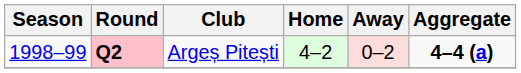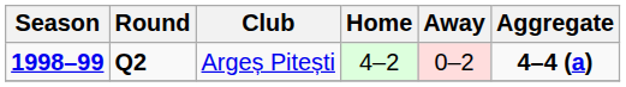 <table class="wikitable">
 <tr>
 <th>Season</th>
 <th>Round</th>
 <th>Club</th>
 <th>Home</th>
 <th>Away</th>
 <th>Aggregate</th>
 </tr>
 <tr>
-<td><a href='#'>1998–99</a></td>
-<td style="background: pink;"><strong>Q2</strong></td>
+<td><strong><a href='#'>1998–99</a></strong></td>
+<td><strong>Q2</strong></td>
 <td> <a href='#'>Argeș Pitești</a></td>
 <td style="text-align:center; background:#dfd;">4–2</td>
 <td style="text-align:center; background:#fdd;">0–2</td>
 <td style="text-align:center;"><strong>4–4  (<a href='#'>a</a>)</strong></td>
 </tr>
 <tr>
 </tr>
 </table>
